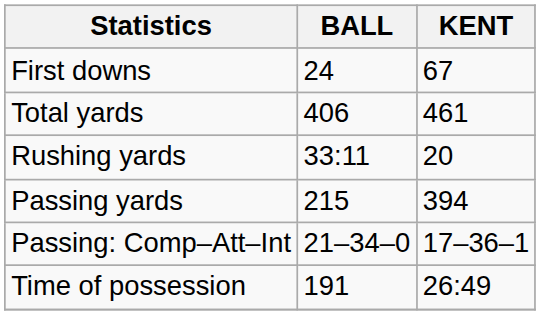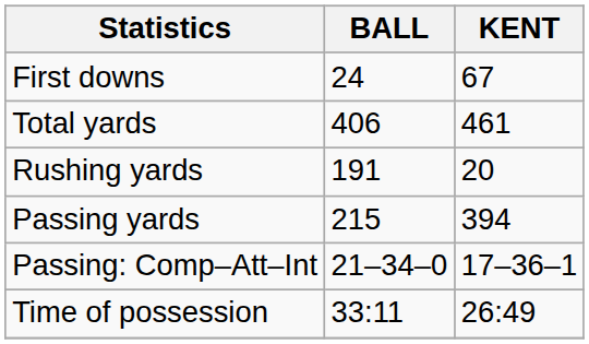 <table class="wikitable" style="float: left;">
 <tr>
 <th>Statistics</th>
 <th>BALL</th>
 <th>KENT</th>
 </tr>
 <tr>
 <td>First downs</td>
 <td>24</td>
 <td>67</td>
 </tr>
 <tr>
 <td>Total yards</td>
 <td>406</td>
 <td>461</td>
 </tr>
 <tr>
 <td>Rushing yards</td>
-<td>33:11</td>
+<td>191</td>
 <td>20</td>
 </tr>
 <tr>
 <td>Passing yards</td>
 <td>215</td>
 <td>394</td>
 </tr>
 <tr>
 <td>Passing: Comp–Att–Int</td>
 <td>21–34–0</td>
 <td>17–36–1</td>
 </tr>
 <tr>
 <td>Time of possession</td>
-<td>191</td>
+<td>33:11</td>
 <td>26:49</td>
 </tr>
 <tr>
 </tr>
 </table>
